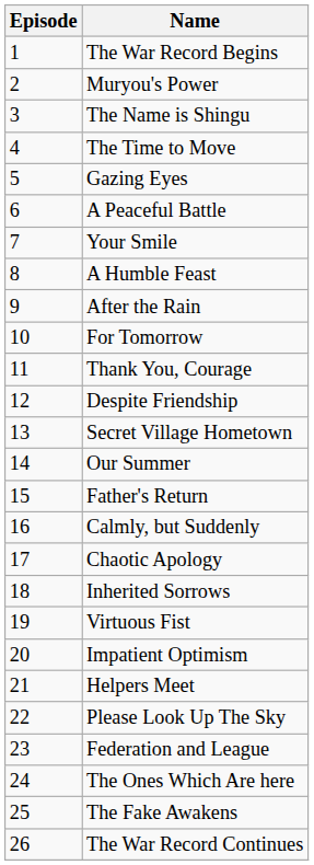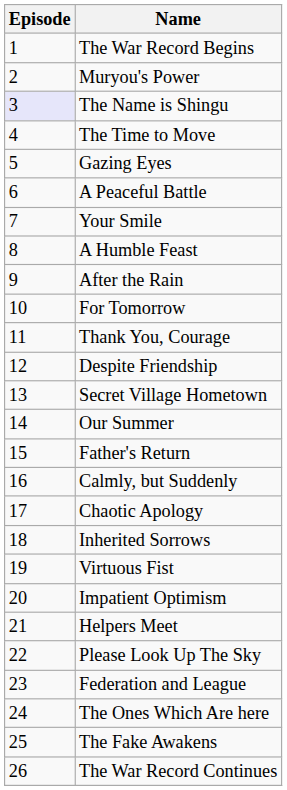 <table class="wikitable sortable">
 <tr>
 <th>Episode</th>
 <th>Name</th>
 </tr>
 <tr>
 <td>1</td>
 <td>The War Record Begins</td>
 </tr>
 <tr>
 <td>2</td>
 <td>Muryou's Power</td>
 </tr>
 <tr>
-<td>3</td>
+<td style="background: lavender;">3</td>
 <td>The Name is Shingu</td>
 </tr>
 <tr>
 <td>4</td>
 <td>The Time to Move</td>
 </tr>
 <tr>
 <td>5</td>
 <td>Gazing Eyes</td>
 </tr>
 <tr>
 <td>6</td>
 <td>A Peaceful Battle</td>
 </tr>
 <tr>
 <td>7</td>
 <td>Your Smile</td>
 </tr>
 <tr>
 <td>8</td>
 <td>A Humble Feast</td>
 </tr>
 <tr>
 <td>9</td>
 <td>After the Rain</td>
 </tr>
 <tr>
 <td>10</td>
 <td>For Tomorrow</td>
 </tr>
 <tr>
 <td>11</td>
 <td>Thank You, Courage</td>
 </tr>
 <tr>
 <td>12</td>
 <td>Despite Friendship</td>
 </tr>
 <tr>
 <td>13</td>
 <td>Secret Village Hometown</td>
 </tr>
 <tr>
 <td>14</td>
 <td>Our Summer</td>
 </tr>
 <tr>
 <td>15</td>
 <td>Father's Return</td>
 </tr>
 <tr>
 <td>16</td>
 <td>Calmly, but Suddenly</td>
 </tr>
 <tr>
 <td>17</td>
 <td>Chaotic Apology</td>
 </tr>
 <tr>
 <td>18</td>
 <td>Inherited Sorrows</td>
 </tr>
 <tr>
 <td>19</td>
 <td>Virtuous Fist</td>
 </tr>
 <tr>
 <td>20</td>
 <td>Impatient Optimism</td>
 </tr>
 <tr>
 <td>21</td>
 <td>Helpers Meet</td>
 </tr>
 <tr>
 <td>22</td>
 <td>Please Look Up The Sky</td>
 </tr>
 <tr>
 <td>23</td>
 <td>Federation and League</td>
 </tr>
 <tr>
 <td>24</td>
 <td>The Ones Which Are here</td>
 </tr>
 <tr>
 <td>25</td>
 <td>The Fake Awakens</td>
 </tr>
 <tr>
 <td>26</td>
 <td>The War Record Continues</td>
 </tr>
 <tr>
 </tr>
 </table>
